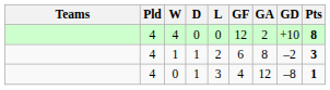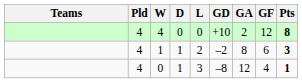 <table class="wikitable" style="text-align: center;">
 <tr>
 <th width=165>Teams</th>
 <th width=20>Pld</th>
 <th width=20>W</th>
 <th width=20>D</th>
 <th width=20>L</th>
+<th width=20>GD</th>
+<th width=20>GA</th>
 <th width=20>GF</th>
-<th width=20>GA</th>
-<th width=20>GD</th>
 <th width=20>Pts</th>
 </tr>
 <tr align=center style="background:#ccffcc;">
 <td style="text-align:left;"></td>
 <td>4</td>
 <td>4</td>
 <td>0</td>
 <td>0</td>
+<td>+10</td>
+<td>2</td>
 <td>12</td>
-<td>2</td>
-<td>+10</td>
 <td><strong>8</strong></td>
 </tr>
 <tr align=center>
 <td style="text-align:left;"></td>
 <td>4</td>
 <td>1</td>
 <td>1</td>
 <td>2</td>
+<td>–2</td>
+<td>8</td>
 <td>6</td>
-<td>8</td>
-<td>–2</td>
 <td><strong>3</strong></td>
 </tr>
 <tr align=center>
 <td style="text-align:left;"></td>
 <td>4</td>
 <td>0</td>
 <td>1</td>
 <td>3</td>
+<td>–8</td>
+<td>12</td>
 <td>4</td>
-<td>12</td>
-<td>–8</td>
 <td><strong>1</strong></td>
 </tr>
 </table>
